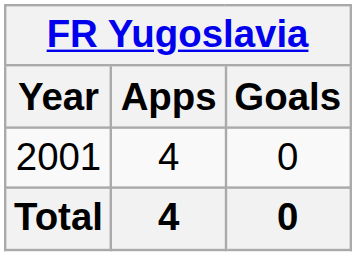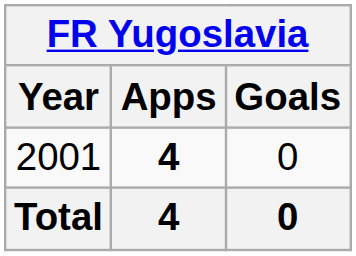 <table class="wikitable" style="text-align:center">
 <tr>
 <th colspan=3><a href='#'>FR Yugoslavia</a></th>
 </tr>
 <tr>
 <th>Year</th>
 <th>Apps</th>
 <th>Goals</th>
 </tr>
 <tr>
 <td>2001</td>
-<td>4</td>
+<td><strong>4</strong></td>
 <td>0</td>
 </tr>
 <tr>
 <th>Total</th>
 <th>4</th>
 <th>0</th>
 </tr>
 </table>
